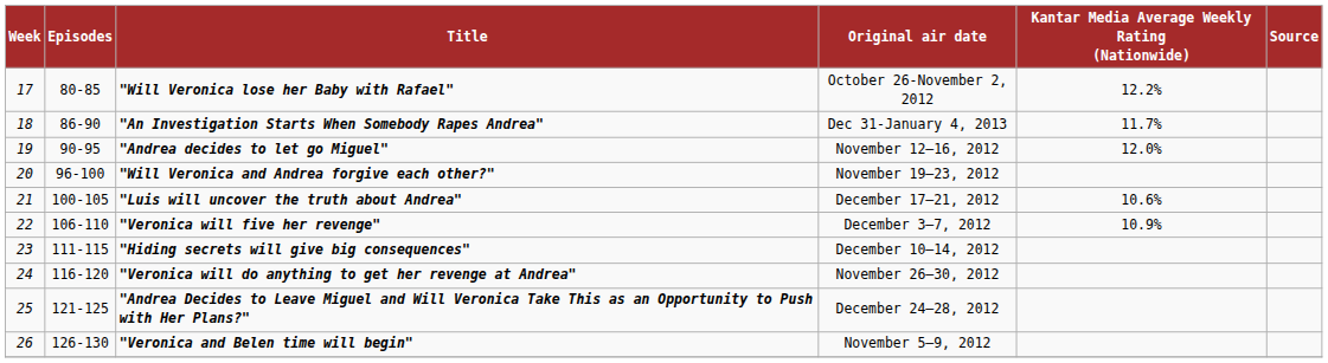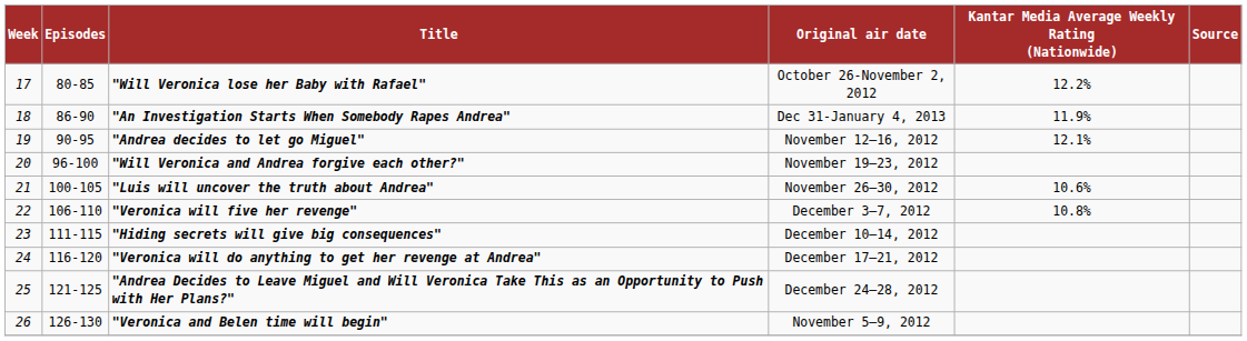 <table class="wikitable" style="text-align:center; font-size:100%; line-height:18px;" width="100%">
 <tr style="color:black;">
 <th style="background:#A52A2A; color:#ffffff">Week</th>
 <th style="background:#A52A2A; color:#ffffff">Episodes</th>
 <th style="background:#A52A2A; color:#ffffff">Title</th>
 <th style="background:#A52A2A; color:#ffffff">Original air date</th>
 <th style="background:#A52A2A; color:#ffffff">Kantar Media Average Weekly Rating <br> (Nationwide)</th>
 <th style="background:#A52A2A; color:#ffffff">Source</th>
 </tr>
 <tr style="text-align: center">
 <td><em>17</em></td>
 <td>80-85</td>
 <td align="left"><strong><em>"Will Veronica lose her Baby with Rafael"</em></strong></td>
 <td>October 26-November 2, 2012</td>
 <td>12.2%</td>
 <td></td>
 </tr>
 <tr>
 <td><em>18</em></td>
 <td>86-90</td>
 <td align="left"><strong><em>"An Investigation Starts When Somebody Rapes Andrea"</em></strong></td>
 <td>Dec 31-January 4, 2013</td>
-<td>11.7%</td>
+<td>11.9%</td>
 <td></td>
 </tr>
 <tr>
 <td><em>19</em></td>
 <td>90-95</td>
 <td align="left"><strong><em>"Andrea decides to let go Miguel"</em></strong></td>
 <td>November 12–16, 2012</td>
-<td>12.0%</td>
+<td>12.1%</td>
 <td></td>
 </tr>
 <tr>
 <td><em>20</em></td>
 <td>96-100</td>
 <td align="left"><strong><em>"Will Veronica and Andrea forgive each other?"</em></strong></td>
 <td>November 19–23, 2012</td>
 <td></td>
 <td></td>
 </tr>
 <tr>
 <td><em>21</em></td>
 <td>100-105</td>
 <td align="left"><strong><em>"Luis will uncover the truth about Andrea"</em></strong></td>
-<td>December 17–21, 2012</td>
+<td>November 26–30, 2012</td>
 <td>10.6%</td>
 <td></td>
 </tr>
 <tr>
 <td><em>22</em></td>
 <td>106-110</td>
 <td align="left"><strong><em>"Veronica will five her revenge"</em></strong></td>
 <td>December 3–7, 2012</td>
-<td>10.9%</td>
+<td>10.8%</td>
 <td></td>
 </tr>
 <tr>
 <td><em>23</em></td>
 <td>111-115</td>
 <td align="left"><strong><em>"Hiding secrets will give big consequences"</em></strong></td>
 <td>December 10–14, 2012</td>
 <td></td>
 <td></td>
 </tr>
 <tr>
 <td><em>24</em></td>
 <td>116-120</td>
 <td align="left"><strong><em>"Veronica will do anything to get her revenge at Andrea"</em></strong></td>
-<td>November 26–30, 2012</td>
+<td>December 17–21, 2012</td>
 <td></td>
 <td></td>
 </tr>
 <tr>
 <td><em>25</em></td>
 <td>121-125</td>
 <td align="left"><strong><em>"Andrea Decides to Leave Miguel and Will Veronica Take This as an Opportunity to Push with Her Plans?"</em></strong></td>
 <td>December 24–28, 2012</td>
 <td></td>
 <td></td>
 </tr>
 <tr>
 <td><em>26</em></td>
 <td>126-130</td>
 <td align="left"><strong><em>"Veronica and Belen time will begin"</em></strong></td>
 <td>November 5–9, 2012</td>
 <td></td>
 <td></td>
 </tr>
 <tr>
 </tr>
 </table>
